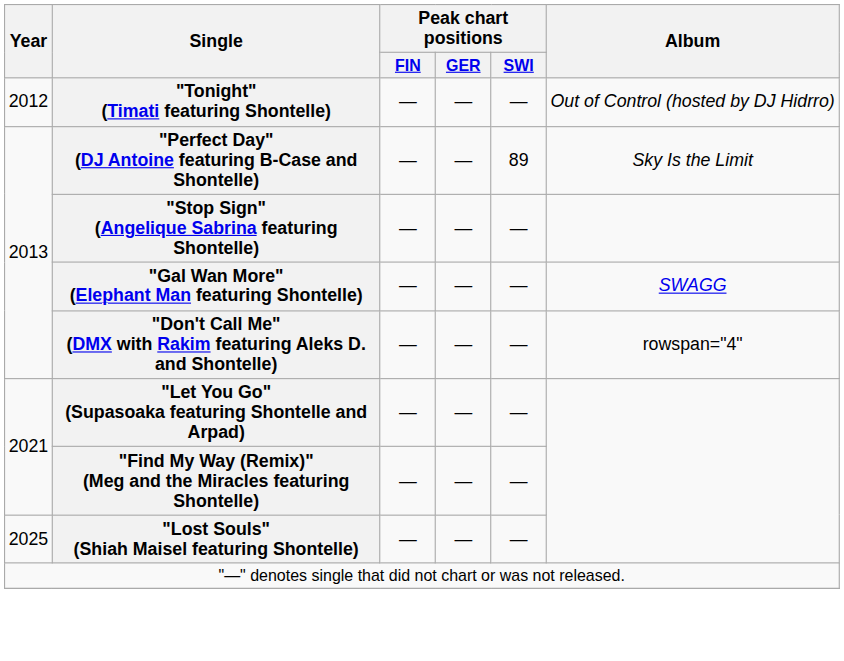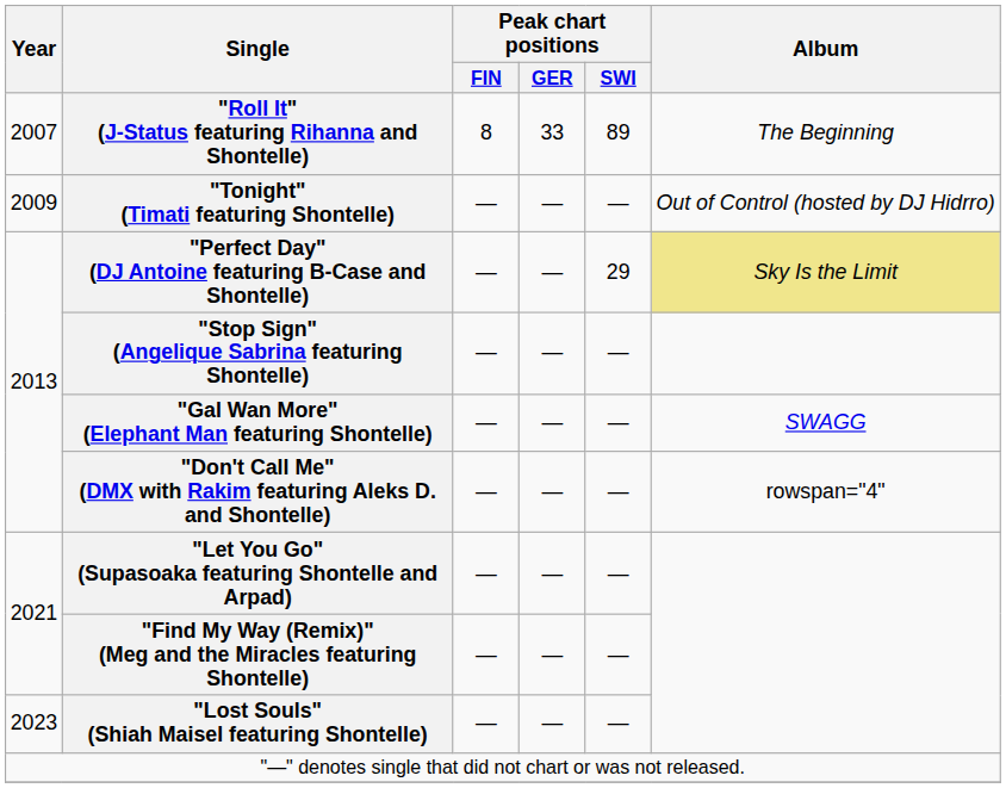 <table class="wikitable plainrowheaders" style="text-align:center;">
 <tr>
 <th scope="col" rowspan="2">Year</th>
 <th scope="col" rowspan="2" style="width:18em;">Single</th>
 <th scope="col" colspan="3">Peak chart positions</th>
 <th scope="col" rowspan="2">Album</th>
 </tr>
 <tr>
 <th scope="col" style="width:3em;font-size:90%;"><a href='#'>FIN</a><br></th>
 <th scope="col" style="width:3em;font-size:90%;"><a href='#'>GER</a><br></th>
 <th scope="col" style="width:3em;font-size:90%;"><a href='#'>SWI</a><br></th>
 </tr>
 <tr>
-<td>2012</td>
+<td>2007</td>
+<th scope="row">"<a href='#'>Roll It</a>"<br><span>(<a href='#'>J-Status</a> featuring <a href='#'>Rihanna</a> and Shontelle)</span></th>
+<td>8</td>
+<td>33</td>
+<td>89</td>
+<td><em>The Beginning</em></td>
+</tr>
+<tr>
+<td>2009</td>
 <th scope="row">"Tonight"<br><span>(<a href='#'>Timati</a> featuring Shontelle)</span></th>
 <td>—</td>
 <td>—</td>
 <td>—</td>
 <td><em>Out of Control (hosted by DJ Hidrro)</em></td>
 </tr>
 <tr>
 <td rowspan="4">2013</td>
 <th scope="row">"Perfect Day"<br><span>(<a href='#'>DJ Antoine</a> featuring B-Case and Shontelle)</span></th>
 <td>—</td>
 <td>—</td>
-<td>89</td>
-<td><em>Sky Is the Limit</em></td>
+<td>29</td>
+<td style="background: khaki;"><em>Sky Is the Limit</em></td>
 </tr>
 <tr>
 <th scope="row">"Stop Sign"<br><span>(<a href='#'>Angelique Sabrina</a> featuring Shontelle)</span></th>
 <td>—</td>
 <td>—</td>
 <td>—</td>
 <td></td>
 </tr>
 <tr>
 <th scope="row">"Gal Wan More"<br><span>(<a href='#'>Elephant Man</a> featuring Shontelle)</span></th>
 <td>—</td>
 <td>—</td>
 <td>—</td>
 <td><em><a href='#'>SWAGG</a></em></td>
 </tr>
 <tr>
 <th scope="row">"Don't Call Me"<br><span>(<a href='#'>DMX</a> with <a href='#'>Rakim</a> featuring Aleks D. and Shontelle)</span></th>
 <td>—</td>
 <td>—</td>
 <td>—</td>
 <td>rowspan="4" </td>
 </tr>
 <tr>
 <td rowspan="2">2021</td>
 <th scope="row">"Let You Go"<br><span>(Supasoaka featuring Shontelle and Arpad)</span></th>
 <td>—</td>
 <td>—</td>
 <td>—</td>
 </tr>
 <tr>
 <th scope="row">"Find My Way (Remix)"<br><span>(Meg and the Miracles featuring Shontelle)</span></th>
 <td>—</td>
 <td>—</td>
 <td>—</td>
 </tr>
 <tr>
-<td>2025</td>
+<td>2023</td>
 <th scope="row">"Lost Souls"<br><span>(Shiah Maisel featuring Shontelle)</span></th>
 <td>—</td>
 <td>—</td>
 <td>—</td>
 </tr>
 <tr>
 <td colspan="6" style="font-size:90%">"—" denotes single that did not chart or was not released.</td>
 </tr>
 <tr>
 </tr>
 </table>
